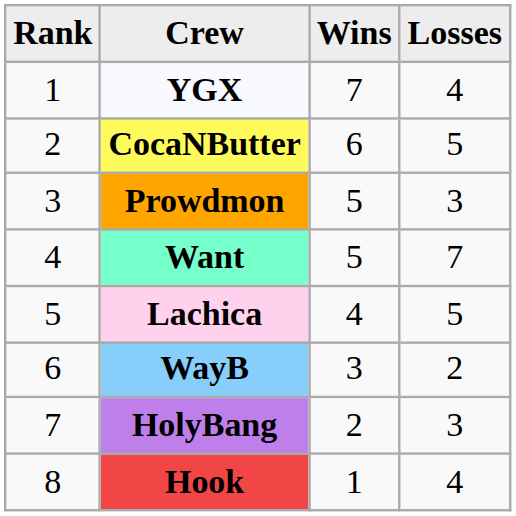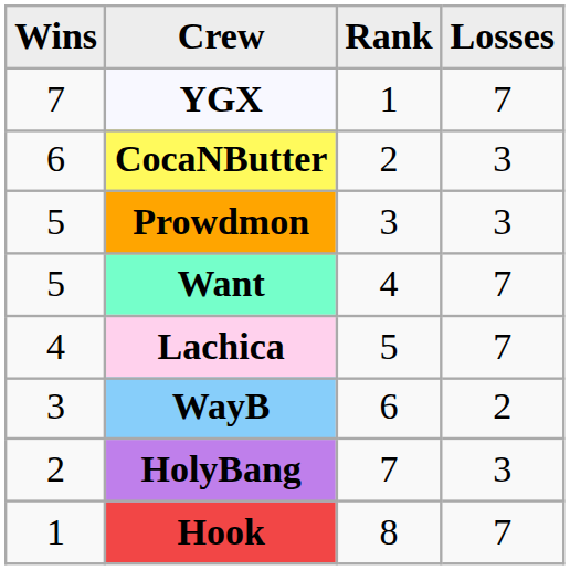 <table class="wikitable" style="text-align:center; font-size:90%">
 <tr>
+<th style="background:#EDEDED">Wins</th>
+<th style="background:#EDEDED">Crew</th>
 <th style="background:#EDEDED">Rank</th>
-<th style="background:#EDEDED">Crew</th>
-<th style="background:#EDEDED">Wins</th>
 <th style="background:#EDEDED">Losses</th>
 </tr>
 <tr>
+<td>7</td>
+<td style="background:#F8F8FF"><strong>YGX</strong></td>
 <td>1</td>
-<td style="background:#F8F8FF"><strong>YGX</strong></td>
 <td>7</td>
-<td>4</td>
 </tr>
 <tr>
+<td>6</td>
+<td style="background:#FFFA5C"><strong>CocaNButter</strong></td>
 <td>2</td>
-<td style="background:#FFFA5C"><strong>CocaNButter</strong></td>
-<td>6</td>
-<td>5</td>
-</tr>
-<tr>
-<td>3</td>
-<td style="background:orange"><strong>Prowdmon</strong></td>
-<td>5</td>
 <td>3</td>
 </tr>
 <tr>
+<td>5</td>
+<td style="background:orange"><strong>Prowdmon</strong></td>
+<td>3</td>
+<td>3</td>
+</tr>
+<tr>
+<td>5</td>
+<td style="background:#75FFCA"><strong>Want</strong></td>
 <td>4</td>
-<td style="background:#75FFCA"><strong>Want</strong></td>
+<td>7</td>
+</tr>
+<tr>
+<td>4</td>
+<td style="background:#FFD1ED"><strong>Lachica</strong></td>
 <td>5</td>
 <td>7</td>
 </tr>
 <tr>
-<td>5</td>
-<td style="background:#FFD1ED"><strong>Lachica</strong></td>
-<td>4</td>
-<td>5</td>
-</tr>
-<tr>
+<td>3</td>
+<td style="background:#87CEFA"><strong>WayB</strong></td>
 <td>6</td>
-<td style="background:#87CEFA"><strong>WayB</strong></td>
-<td>3</td>
 <td>2</td>
 </tr>
 <tr>
+<td>2</td>
+<td style="background:#BF7FEB"><strong>HolyBang</strong></td>
 <td>7</td>
-<td style="background:#BF7FEB"><strong>HolyBang</strong></td>
-<td>2</td>
 <td>3</td>
 </tr>
 <tr>
+<td>1</td>
+<td style="background:#F24646"><strong>Hook</strong></td>
 <td>8</td>
-<td style="background:#F24646"><strong>Hook</strong></td>
-<td>1</td>
-<td>4</td>
+<td>7</td>
 </tr>
 </table>
